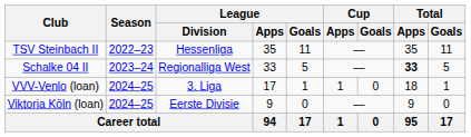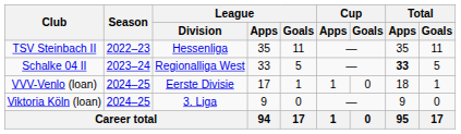 <table class="wikitable nowrap" style="text-align:center">
 <tr>
 <th rowspan="2">Club</th>
 <th rowspan="2">Season</th>
 <th colspan="3">League</th>
 <th colspan="2">Cup</th>
 <th colspan="2">Total</th>
 </tr>
 <tr>
 <th>Division</th>
 <th>Apps</th>
 <th>Goals</th>
 <th>Apps</th>
 <th>Goals</th>
 <th>Apps</th>
 <th>Goals</th>
 </tr>
 <tr>
 <td><a href='#'>TSV Steinbach II</a></td>
 <td><a href='#'>2022–23</a></td>
 <td><a href='#'>Hessenliga</a></td>
 <td>35</td>
 <td>11</td>
 <td colspan="2">—</td>
 <td>35</td>
 <td>11</td>
 </tr>
 <tr>
 <td><a href='#'>Schalke 04 II</a></td>
 <td><a href='#'>2023–24</a></td>
 <td><a href='#'>Regionalliga West</a></td>
 <td>33</td>
 <td>5</td>
 <td colspan="2">—</td>
 <td><strong>33</strong></td>
 <td>5</td>
 </tr>
 <tr>
 <td><a href='#'>VVV-Venlo</a> (loan)</td>
 <td><a href='#'>2024–25</a></td>
-<td><a href='#'>3. Liga</a></td>
+<td><a href='#'>Eerste Divisie</a></td>
 <td>17</td>
 <td>1</td>
 <td>1</td>
 <td>0</td>
 <td>18</td>
 <td>1</td>
 </tr>
 <tr>
 <td><a href='#'>Viktoria Köln</a> (loan)</td>
 <td><a href='#'>2024–25</a></td>
-<td><a href='#'>Eerste Divisie</a></td>
+<td><a href='#'>3. Liga</a></td>
 <td>9</td>
 <td>0</td>
 <td colspan="2">—</td>
 <td>9</td>
 <td>0</td>
 </tr>
 <tr>
 <th colspan="3">Career total</th>
 <th>94</th>
 <th>17</th>
 <th>1</th>
 <th>0</th>
 <th>95</th>
 <th>17</th>
 </tr>
 </table>
